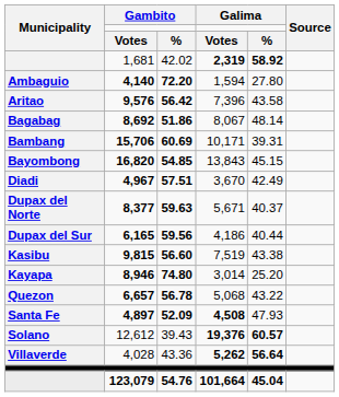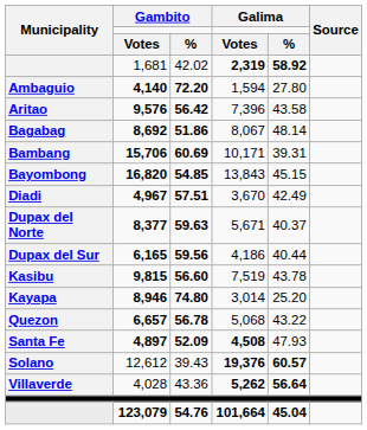 <table class="wikitable" style="text-align:right; font-size:83%">
 <tr>
 <th rowspan="3" style="width:100px;">Municipality</th>
 <th colspan="2" style="width:90px;"><a href='#'>Gambito</a></th>
 <th colspan="2" style="width:90px;">Galima</th>
 <th rowspan="3">Source</th>
 </tr>
 <tr>
 <td colspan="2" style="background:"></td>
 <td colspan="2" style="background:"></td>
 </tr>
 <tr>
 <th>Votes</th>
 <th>%</th>
 <th>Votes</th>
 <th>%</th>
 </tr>
 <tr>
 <th style="text-align:left;"></th>
 <td>1,681</td>
 <td>42.02</td>
 <td style="background:"><strong>2,319</strong></td>
 <td style="background:"><strong>58.92</strong></td>
 <td style="text-align:center;"></td>
 </tr>
 <tr>
 <th style="text-align:left;"><a href='#'>Ambaguio</a></th>
 <td style="background:"><strong>4,140</strong></td>
 <td style="background:"><strong>72.20</strong></td>
 <td>1,594</td>
 <td>27.80</td>
 <td style="text-align:center;"></td>
 </tr>
 <tr>
 <th style="text-align:left;"><a href='#'>Aritao</a></th>
 <td style="background:"><strong>9,576</strong></td>
 <td style="background:"><strong>56.42</strong></td>
 <td>7,396</td>
 <td>43.58</td>
 <td style="text-align:center;"></td>
 </tr>
 <tr>
 <th style="text-align:left;"><a href='#'>Bagabag</a></th>
 <td style="background:"><strong>8,692</strong></td>
 <td style="background:"><strong>51.86</strong></td>
 <td>8,067</td>
 <td>48.14</td>
 <td style="text-align:center;"></td>
 </tr>
 <tr>
 <th style="text-align:left;"><a href='#'>Bambang</a></th>
 <td style="background:"><strong>15,706</strong></td>
 <td style="background:"><strong>60.69</strong></td>
 <td>10,171</td>
 <td>39.31</td>
 <td style="text-align:center;"></td>
 </tr>
 <tr>
 <th style="text-align:left;"><a href='#'>Bayombong</a></th>
 <td style="background:"><strong>16,820</strong></td>
 <td style="background:"><strong>54.85</strong></td>
 <td>13,843</td>
 <td>45.15</td>
 <td style="text-align:center;"></td>
 </tr>
 <tr>
 <th style="text-align:left;"><a href='#'>Diadi</a></th>
 <td style="background:"><strong>4,967</strong></td>
 <td style="background:"><strong>57.51</strong></td>
 <td>3,670</td>
 <td>42.49</td>
 <td style="text-align:center;"></td>
 </tr>
 <tr>
 <th style="text-align:left;"><a href='#'>Dupax del Norte</a></th>
 <td style="background:"><strong>8,377</strong></td>
 <td style="background:"><strong>59.63</strong></td>
 <td>5,671</td>
 <td>40.37</td>
 <td style="text-align:center;"></td>
 </tr>
 <tr>
 <th style="text-align:left;"><a href='#'>Dupax del Sur</a></th>
 <td style="background:"><strong>6,165</strong></td>
 <td style="background:"><strong>59.56</strong></td>
 <td>4,186</td>
 <td>40.44</td>
 <td style="text-align:center;"></td>
 </tr>
 <tr>
 <th style="text-align:left;"><a href='#'>Kasibu</a></th>
 <td style="background:"><strong>9,815</strong></td>
 <td style="background:"><strong>56.60</strong></td>
 <td>7,519</td>
-<td>43.38</td>
+<td>43.78</td>
 <td style="text-align:center;"></td>
 </tr>
 <tr>
 <th style="text-align:left;"><a href='#'>Kayapa</a></th>
 <td style="background:"><strong>8,946</strong></td>
 <td style="background:"><strong>74.80</strong></td>
 <td>3,014</td>
 <td>25.20</td>
 <td style="text-align:center;"></td>
 </tr>
 <tr>
 <th style="text-align:left;"><a href='#'>Quezon</a></th>
 <td style="background:"><strong>6,657</strong></td>
 <td style="background:"><strong>56.78</strong></td>
 <td>5,068</td>
 <td>43.22</td>
 <td style="text-align:center;"></td>
 </tr>
 <tr>
 <th style="text-align:left;"><a href='#'>Santa Fe</a></th>
 <td style="background:"><strong>4,897</strong></td>
 <td style="background:"><strong>52.09</strong></td>
 <td><strong>4,508</strong></td>
 <td>47.93</td>
 <td style="text-align:center;"></td>
 </tr>
 <tr>
 <th style="text-align:left;"><a href='#'>Solano</a></th>
 <td>12,612</td>
 <td>39.43</td>
 <td style="background:"><strong>19,376</strong></td>
 <td style="background:"><strong>60.57</strong></td>
 <td style="text-align:center;"></td>
 </tr>
 <tr>
 <th style="text-align:left;"><a href='#'>Villaverde</a></th>
 <td>4,028</td>
 <td>43.36</td>
 <td style="background:"><strong>5,262</strong></td>
 <td style="background:"><strong>56.64</strong></td>
 <td style="text-align:center;"></td>
 </tr>
 <tr>
 <td colspan="6" style="background-color:#000000;"></td>
 </tr>
 <tr>
 <td style="background-color:#ECECEC;"><strong></strong></td>
 <td style="background:"><strong>123,079</strong></td>
 <td style="background:"><strong>54.76</strong></td>
 <td style="background:"><strong>101,664</strong></td>
 <td style="background:"><strong>45.04</strong></td>
 <td style="text-align:center;"></td>
 </tr>
 </table>
